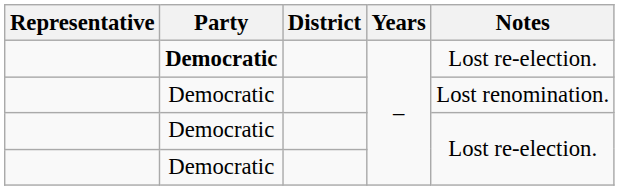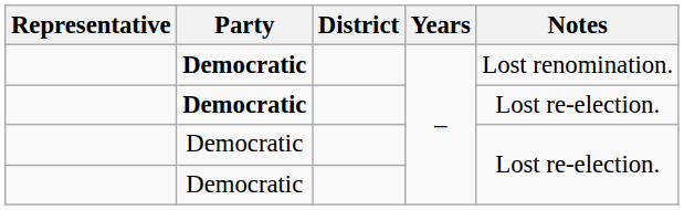 <table class="wikitable sortable" style="text-align:center">
 <tr valign=bottom>
 <th>Representative</th>
 <th>Party</th>
 <th>District</th>
 <th>Years</th>
 <th>Notes</th>
 </tr>
 <tr>
 <td align=left></td>
 <td><strong>Democratic</strong></td>
 <td></td>
 <td rowspan="4" nowrap=""> –<br></td>
-<td>Lost re-election.</td>
+<td>Lost renomination.</td>
 </tr>
 <tr>
 <td align=left></td>
-<td>Democratic</td>
+<td><strong>Democratic</strong></td>
 <td></td>
-<td>Lost renomination.</td>
+<td>Lost re-election.</td>
 </tr>
 <tr>
 <td align=left></td>
 <td>Democratic</td>
 <td></td>
 <td rowspan="2">Lost re-election.</td>
 </tr>
 <tr>
 <td align=left></td>
 <td>Democratic</td>
 <td></td>
 </tr>
 </table>
